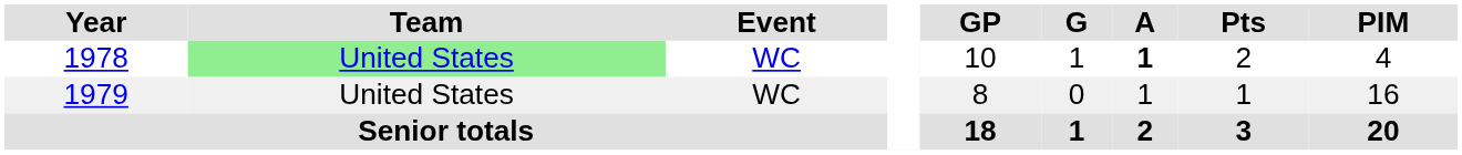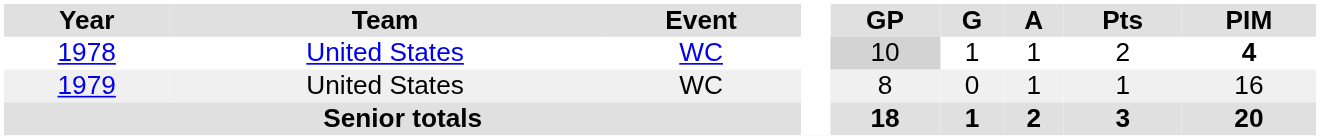 <table border="0" cellpadding="1" cellspacing="0" style="text-align:center; width:50em">
 <tr ALIGN="center" bgcolor="#e0e0e0">
 <th>Year</th>
 <th>Team</th>
 <th>Event</th>
 <th rowspan="99" bgcolor="#ffffff"> </th>
 <th>GP</th>
 <th>G</th>
 <th>A</th>
 <th>Pts</th>
 <th>PIM</th>
 </tr>
 <tr>
 <td><a href='#'>1978</a></td>
-<td style="background: lightgreen;"><a href='#'>United States</a></td>
+<td><a href='#'>United States</a></td>
 <td><a href='#'>WC</a></td>
-<td>10</td>
+<td style="background: lightgrey;">10</td>
 <td>1</td>
-<td><strong>1</strong></td>
+<td>1</td>
 <td>2</td>
-<td>4</td>
+<td><strong>4</strong></td>
 </tr>
 <tr bgcolor="#f0f0f0">
 <td><a href='#'>1979</a></td>
 <td>United States</td>
 <td>WC</td>
 <td>8</td>
 <td>0</td>
 <td>1</td>
 <td>1</td>
 <td>16</td>
 </tr>
 <tr bgcolor="#e0e0e0">
 <th colspan=3>Senior totals</th>
 <th>18</th>
 <th>1</th>
 <th>2</th>
 <th>3</th>
 <th>20</th>
 </tr>
 </table>
